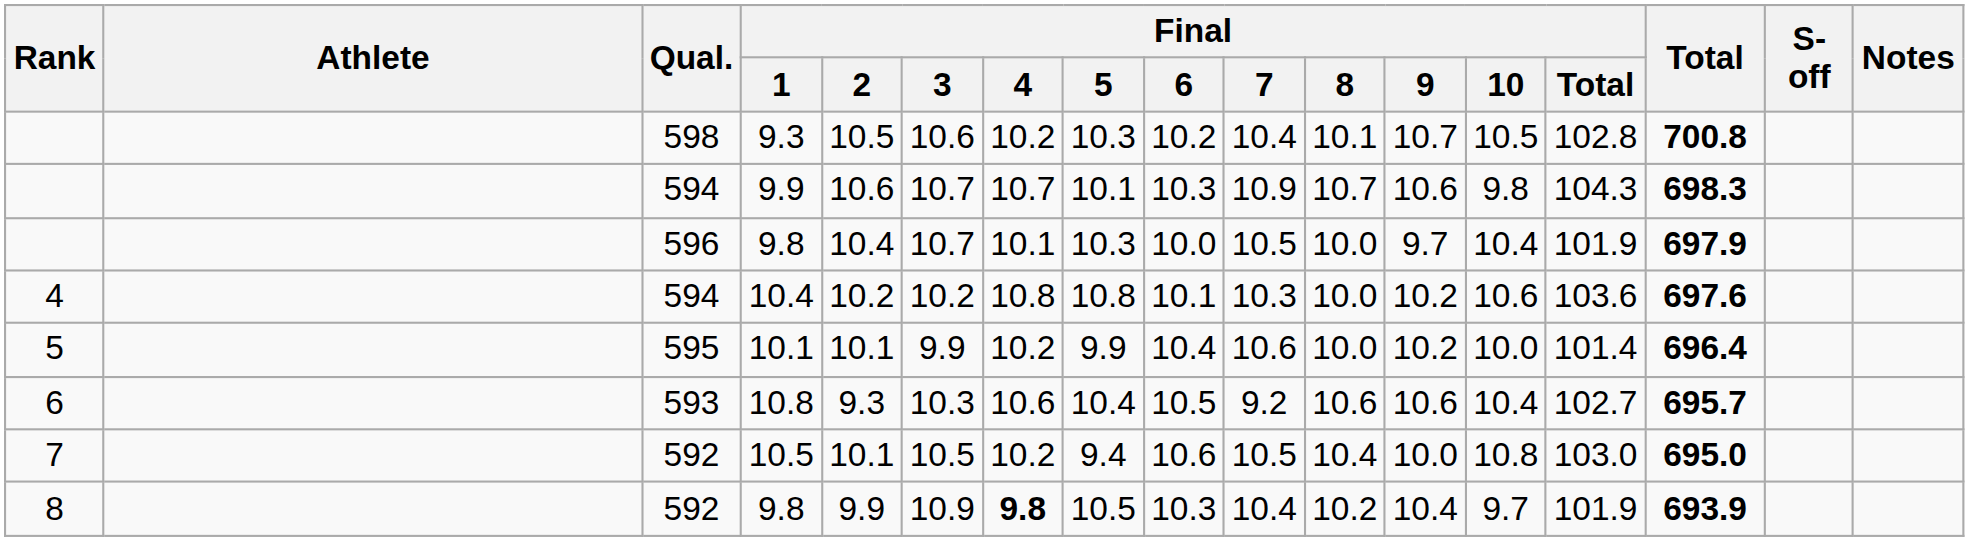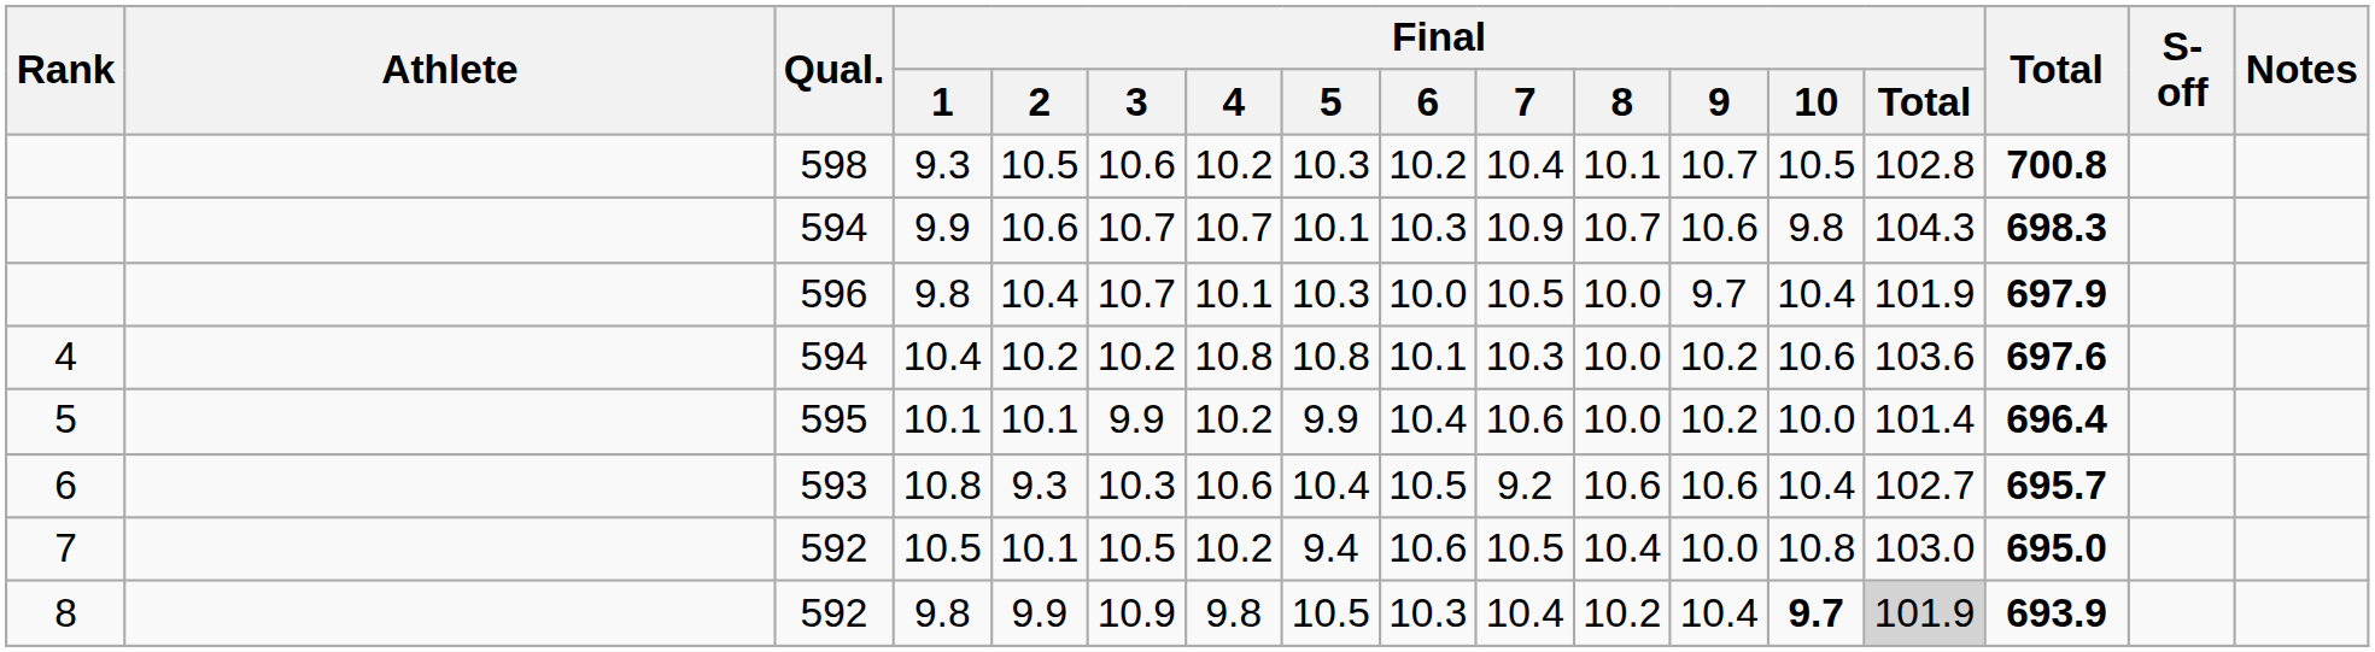 <table class="wikitable" style="text-align:center">
 <tr>
 <th rowspan=2 width=40>Rank</th>
 <th rowspan=2 width=250>Athlete</th>
 <th rowspan=2 width=40>Qual.</th>
 <th colspan=11>Final</th>
 <th rowspan=2 width=50>Total</th>
 <th rowspan=2 width=35>S-off</th>
 <th rowspan=2 width=45>Notes</th>
 </tr>
 <tr>
 <th width=30>1</th>
 <th width=30>2</th>
 <th width=30>3</th>
 <th width=30>4</th>
 <th width=30>5</th>
 <th width=30>6</th>
 <th width=30>7</th>
 <th width=30>8</th>
 <th width=30>9</th>
 <th width=30>10</th>
 <th width=40>Total</th>
 </tr>
 <tr>
 <td></td>
 <td align=left></td>
 <td>598</td>
 <td>9.3</td>
 <td>10.5</td>
 <td>10.6</td>
 <td>10.2</td>
 <td>10.3</td>
 <td>10.2</td>
 <td>10.4</td>
 <td>10.1</td>
 <td>10.7</td>
 <td>10.5</td>
 <td>102.8</td>
 <td><strong>700.8</strong></td>
 <td></td>
 <td></td>
 </tr>
 <tr>
 <td></td>
 <td align=left></td>
 <td>594</td>
 <td>9.9</td>
 <td>10.6</td>
 <td>10.7</td>
 <td>10.7</td>
 <td>10.1</td>
 <td>10.3</td>
 <td>10.9</td>
 <td>10.7</td>
 <td>10.6</td>
 <td>9.8</td>
 <td>104.3</td>
 <td><strong>698.3</strong></td>
 <td></td>
 <td></td>
 </tr>
 <tr>
 <td></td>
 <td align=left></td>
 <td>596</td>
 <td>9.8</td>
 <td>10.4</td>
 <td>10.7</td>
 <td>10.1</td>
 <td>10.3</td>
 <td>10.0</td>
 <td>10.5</td>
 <td>10.0</td>
 <td>9.7</td>
 <td>10.4</td>
 <td>101.9</td>
 <td><strong>697.9</strong></td>
 <td></td>
 <td></td>
 </tr>
 <tr>
 <td>4</td>
 <td align=left></td>
 <td>594</td>
 <td>10.4</td>
 <td>10.2</td>
 <td>10.2</td>
 <td>10.8</td>
 <td>10.8</td>
 <td>10.1</td>
 <td>10.3</td>
 <td>10.0</td>
 <td>10.2</td>
 <td>10.6</td>
 <td>103.6</td>
 <td><strong>697.6</strong></td>
 <td></td>
 <td></td>
 </tr>
 <tr>
 <td>5</td>
 <td align=left></td>
 <td>595</td>
 <td>10.1</td>
 <td>10.1</td>
 <td>9.9</td>
 <td>10.2</td>
 <td>9.9</td>
 <td>10.4</td>
 <td>10.6</td>
 <td>10.0</td>
 <td>10.2</td>
 <td>10.0</td>
 <td>101.4</td>
 <td><strong>696.4</strong></td>
 <td></td>
 <td></td>
 </tr>
 <tr>
 <td>6</td>
 <td align=left></td>
 <td>593</td>
 <td>10.8</td>
 <td>9.3</td>
 <td>10.3</td>
 <td>10.6</td>
 <td>10.4</td>
 <td>10.5</td>
 <td>9.2</td>
 <td>10.6</td>
 <td>10.6</td>
 <td>10.4</td>
 <td>102.7</td>
 <td><strong>695.7</strong></td>
 <td></td>
 <td></td>
 </tr>
 <tr>
 <td>7</td>
 <td align=left></td>
 <td>592</td>
 <td>10.5</td>
 <td>10.1</td>
 <td>10.5</td>
 <td>10.2</td>
 <td>9.4</td>
 <td>10.6</td>
 <td>10.5</td>
 <td>10.4</td>
 <td>10.0</td>
 <td>10.8</td>
 <td>103.0</td>
 <td><strong>695.0</strong></td>
 <td></td>
 <td></td>
 </tr>
 <tr>
 <td>8</td>
 <td align=left></td>
 <td>592</td>
 <td>9.8</td>
 <td>9.9</td>
 <td>10.9</td>
-<td><strong>9.8</strong></td>
+<td>9.8</td>
 <td>10.5</td>
 <td>10.3</td>
 <td>10.4</td>
 <td>10.2</td>
 <td>10.4</td>
-<td>9.7</td>
-<td>101.9</td>
+<td><strong>9.7</strong></td>
+<td style="background: lightgrey;">101.9</td>
 <td><strong>693.9</strong></td>
 <td></td>
 <td></td>
 </tr>
 </table>
